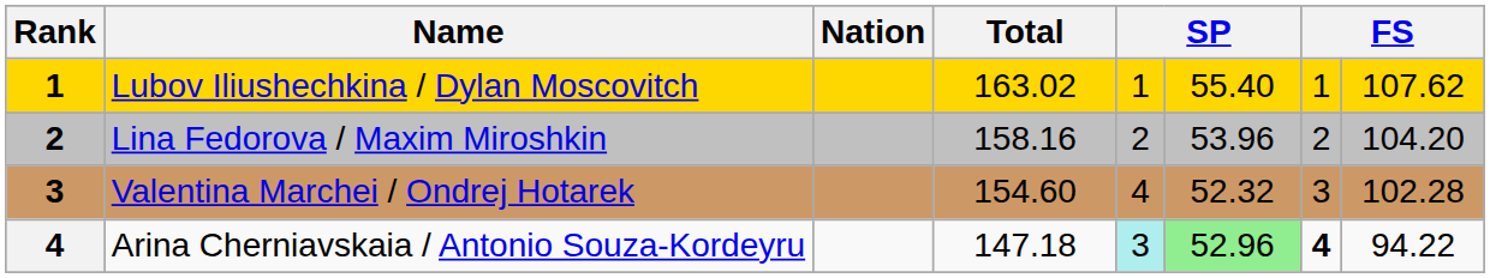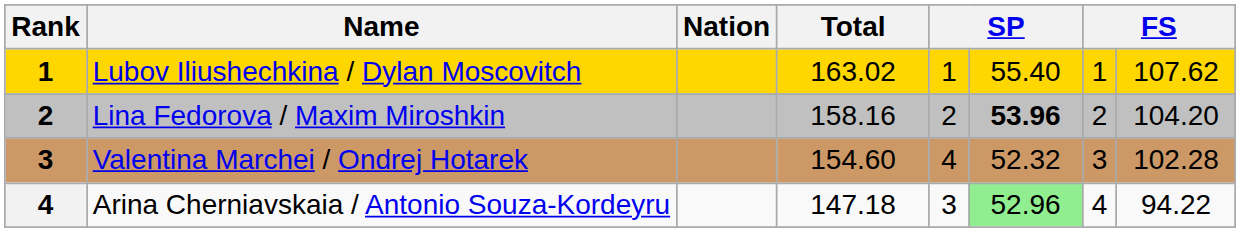 <table class="wikitable sortable">
 <tr>
 <th>Rank</th>
 <th>Name</th>
 <th>Nation</th>
 <th width="80px">Total</th>
 <th colspan="2" width="80px"><a href='#'>SP</a></th>
 <th colspan="2" width="80px"><a href='#'>FS</a></th>
 </tr>
 <tr bgcolor="gold">
 <td align="center"><strong>1</strong></td>
 <td><a href='#'>Lubov Iliushechkina</a> / <a href='#'>Dylan Moscovitch</a></td>
 <td></td>
 <td align="center">163.02</td>
 <td align="center">1</td>
 <td align="center">55.40</td>
 <td align="center">1</td>
 <td align="center">107.62</td>
 </tr>
 <tr bgcolor="silver">
 <td align="center"><strong>2</strong></td>
 <td><a href='#'>Lina Fedorova</a> / <a href='#'>Maxim Miroshkin</a></td>
 <td></td>
 <td align="center">158.16</td>
 <td align="center">2</td>
-<td align="center">53.96</td>
+<td align="center"><strong>53.96</strong></td>
 <td align="center">2</td>
 <td align="center">104.20</td>
 </tr>
 <tr bgcolor="cc9966">
 <td align="center"><strong>3</strong></td>
 <td><a href='#'>Valentina Marchei</a> / <a href='#'>Ondrej Hotarek</a></td>
 <td></td>
 <td align="center">154.60</td>
 <td align="center">4</td>
 <td align="center">52.32</td>
 <td align="center">3</td>
 <td align="center">102.28</td>
 </tr>
 <tr>
 <th>4</th>
 <td>Arina Cherniavskaia / <a href='#'>Antonio Souza-Kordeyru</a></td>
 <td></td>
 <td align="center">147.18</td>
-<td align="center" style="background: paleturquoise;">3</td>
+<td align="center">3</td>
 <td align="center" style="background: lightgreen;">52.96</td>
-<td align="center"><strong>4</strong></td>
+<td align="center">4</td>
 <td align="center">94.22</td>
 </tr>
 </table>
